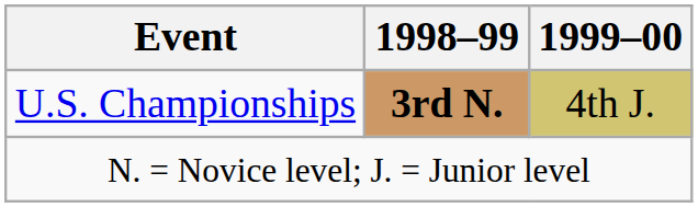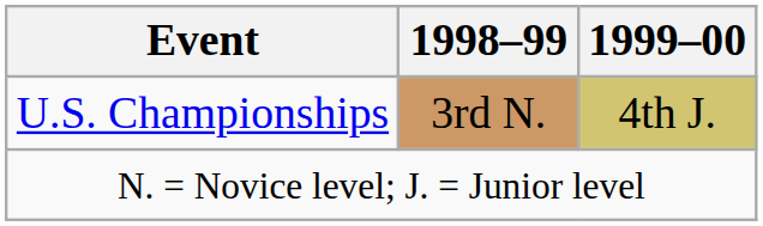 <table class="wikitable" style="text-align:center">
 <tr>
 <th>Event</th>
 <th>1998–99</th>
 <th>1999–00</th>
 </tr>
 <tr>
 <td align=left><a href='#'>U.S. Championships</a></td>
-<td bgcolor=cc9966><strong>3rd N.</strong></td>
+<td bgcolor=cc9966>3rd N.</td>
 <td bgcolor=d1c571>4th J.</td>
 </tr>
 <tr>
 <td colspan=3 align=center><small> N. = Novice level; J. = Junior level </small></td>
 </tr>
 </table>
